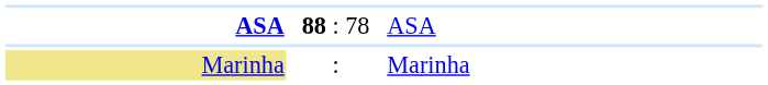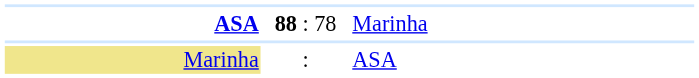 <table style="text-align:center" width=500>
 <tr>
 <th width=30%></th>
 <th width=10%></th>
 <th width=30%></th>
 <th width=10%></th>
 </tr>
 <tr align="left" bgcolor=#D0E7FF>
 <td colspan=4></td>
 </tr>
 <tr>
 <td align="right"><strong><a href='#'>ASA</a></strong></td>
 <td><strong>88</strong> : 78</td>
-<td align=left><a href='#'>ASA</a></td>
+<td align=left><a href='#'>Marinha</a></td>
 </tr>
 <tr align="left" bgcolor=#D0E7FF>
 <td colspan=4></td>
 </tr>
 <tr>
 <td align="right" style="background: khaki;"><a href='#'>Marinha</a></td>
 <td>:</td>
-<td align=left><a href='#'>Marinha</a></td>
+<td align=left><a href='#'>ASA</a></td>
 </tr>
 </table>
